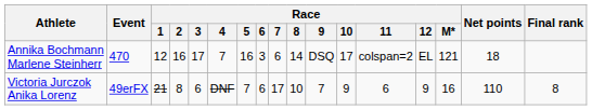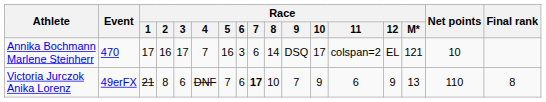 <table class="wikitable" style="font-size:90%">
 <tr>
 <th rowspan="2">Athlete</th>
 <th rowspan="2">Event</th>
 <th colspan=13>Race</th>
 <th rowspan=2>Net points</th>
 <th rowspan=2>Final rank</th>
 </tr>
 <tr style="font-size:95%">
 <th>1</th>
 <th>2</th>
 <th>3</th>
 <th>4</th>
 <th>5</th>
 <th>6</th>
 <th>7</th>
 <th>8</th>
 <th>9</th>
 <th>10</th>
 <th>11</th>
 <th>12</th>
 <th>M*</th>
 </tr>
 <tr align=center>
 <td align=left><a href='#'>Annika Bochmann</a><br><a href='#'>Marlene Steinherr</a></td>
 <td align=left><a href='#'>470</a></td>
-<td>12</td>
+<td>17</td>
 <td>16</td>
 <td>17</td>
 <td>7</td>
 <td>16</td>
 <td>3</td>
 <td>6</td>
 <td>14</td>
 <td>DSQ</td>
 <td>17</td>
 <td>colspan=2 </td>
 <td>EL</td>
 <td>121</td>
-<td>18</td>
+<td>10</td>
 </tr>
 <tr align=center>
 <td align=left><a href='#'>Victoria Jurczok</a><br><a href='#'>Anika Lorenz</a></td>
 <td align=left><a href='#'>49erFX</a></td>
 <td><s>21</s></td>
 <td>8</td>
 <td>6</td>
 <td><s>DNF</s></td>
 <td>7</td>
 <td>6</td>
-<td>17</td>
+<td><strong>17</strong></td>
 <td>10</td>
 <td>7</td>
 <td>9</td>
 <td>6</td>
 <td>9</td>
-<td>16</td>
+<td>13</td>
 <td>110</td>
 <td>8</td>
 </tr>
 </table>
